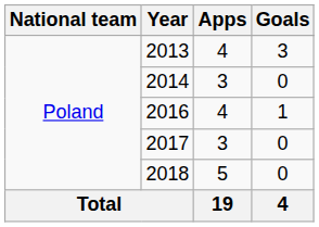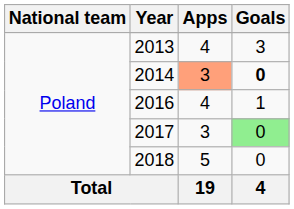 <table class="wikitable" style="text-align:center">
 <tr>
 <th>National team</th>
 <th>Year</th>
 <th>Apps</th>
 <th>Goals</th>
 </tr>
 <tr>
 <td rowspan="6"><a href='#'>Poland</a></td>
 </tr>
 <tr>
 <td>2013</td>
 <td>4</td>
 <td>3</td>
 </tr>
 <tr>
 <td>2014</td>
-<td>3</td>
-<td>0</td>
+<td style="background: lightsalmon;">3</td>
+<td><strong>0</strong></td>
 </tr>
 <tr>
 <td>2016</td>
 <td>4</td>
 <td>1</td>
 </tr>
 <tr>
 <td>2017</td>
 <td>3</td>
-<td>0</td>
+<td style="background: lightgreen;">0</td>
 </tr>
 <tr>
 <td>2018</td>
 <td>5</td>
 <td>0</td>
 </tr>
 <tr>
 <th colspan="2">Total</th>
 <th>19</th>
 <th>4</th>
 </tr>
 </table>
